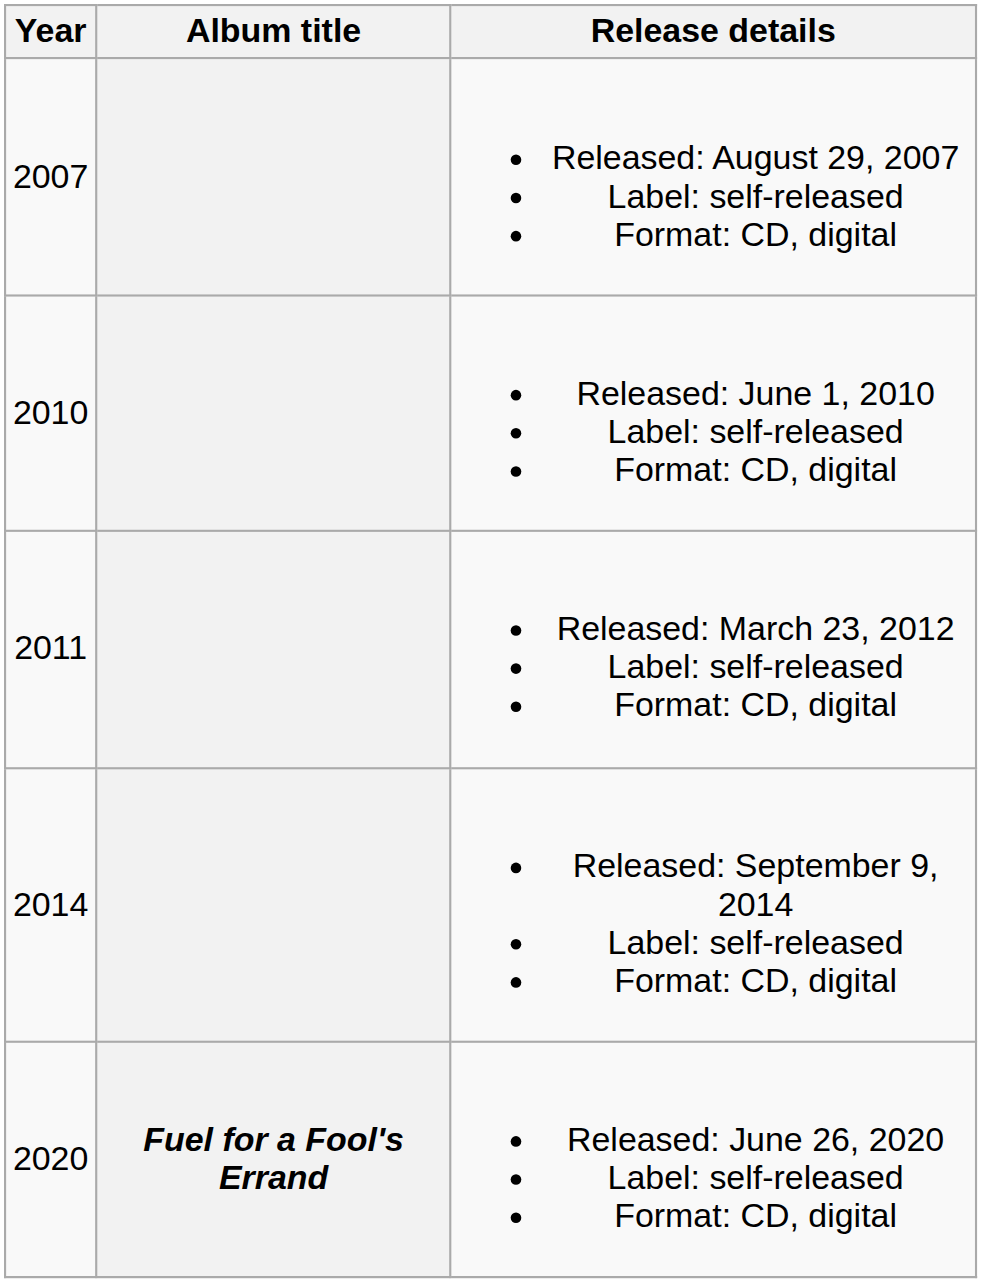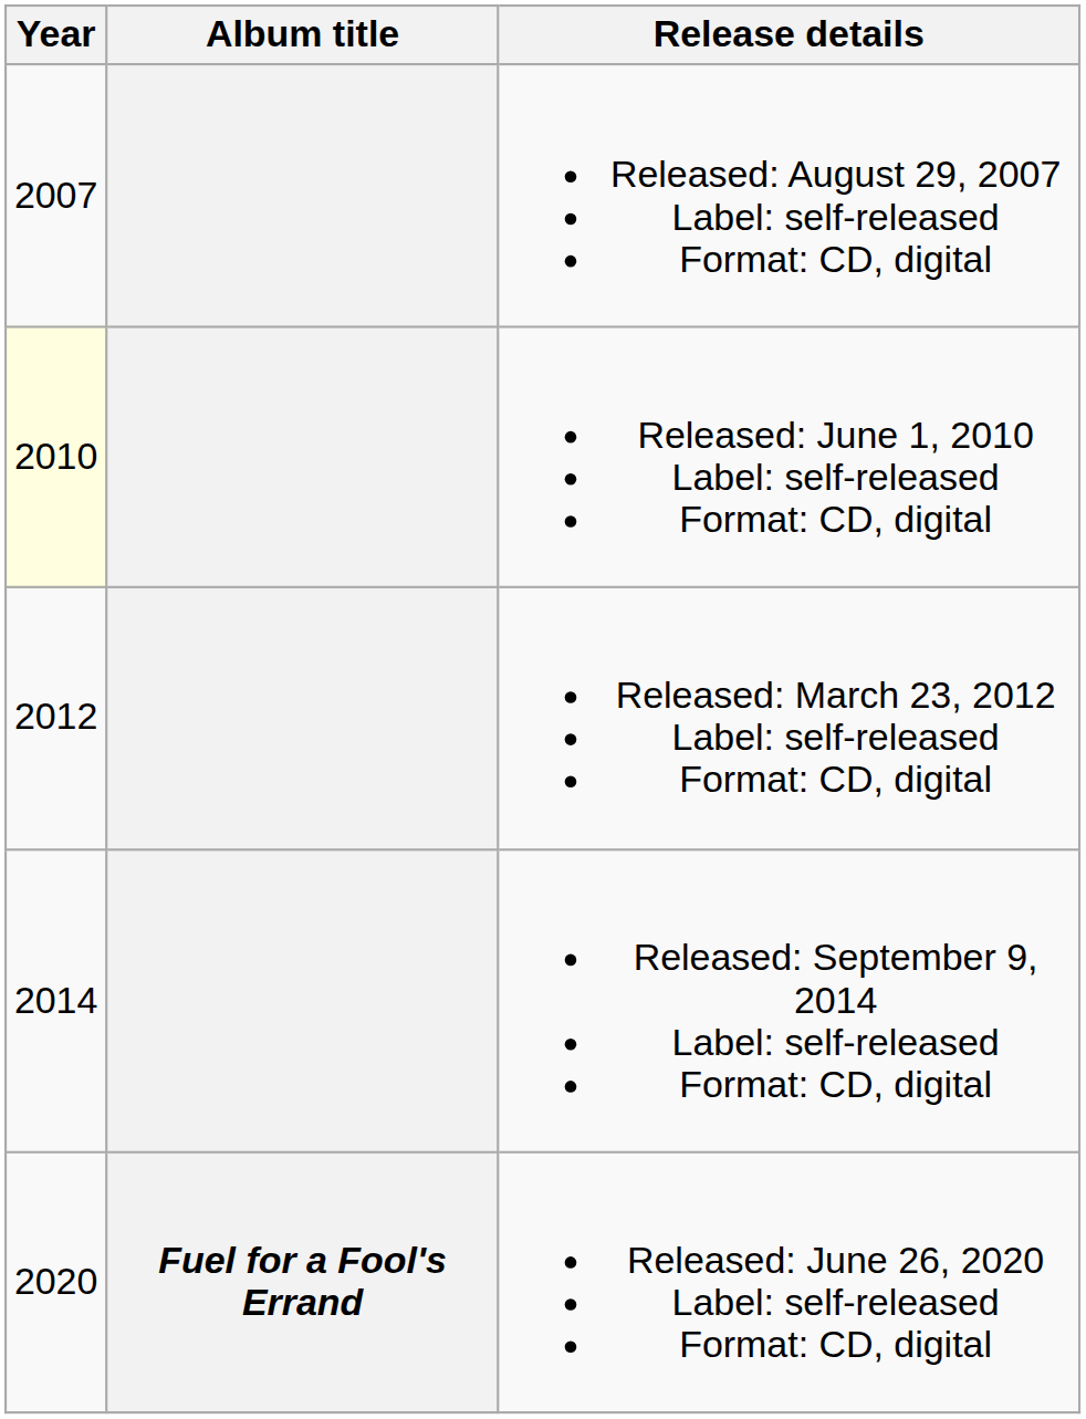 <table class="wikitable plainrowheaders" style="text-align:center;">
 <tr>
 <th>Year</th>
 <th scope="col" rowspan="1" style="width:10em;">Album title</th>
 <th scope="col" rowspan="1" style="width:15em;">Release details</th>
 </tr>
 <tr>
 <td>2007</td>
 <th></th>
 <td><br><ul><li>Released: August 29, 2007</li><li>Label: self-released</li><li>Format: CD, digital</li></ul></td>
 </tr>
 <tr>
-<td>2010</td>
+<td style="background: lightyellow;">2010</td>
 <th></th>
 <td><br><ul><li>Released: June 1, 2010</li><li>Label: self-released</li><li>Format: CD, digital</li></ul></td>
 </tr>
 <tr>
-<td>2011</td>
+<td>2012</td>
 <th></th>
 <td><br><ul><li>Released: March 23, 2012</li><li>Label: self-released</li><li>Format: CD, digital</li></ul></td>
 </tr>
 <tr>
 <td>2014</td>
 <th></th>
 <td><br><ul><li>Released: September 9, 2014</li><li>Label: self-released</li><li>Format: CD, digital</li></ul></td>
 </tr>
 <tr>
 <td>2020</td>
 <th><strong><em>Fuel for a Fool's Errand</em></strong></th>
 <td><br><ul><li>Released: June 26, 2020</li><li>Label: self-released</li><li>Format: CD, digital</li></ul></td>
 </tr>
 <tr>
 </tr>
 </table>
